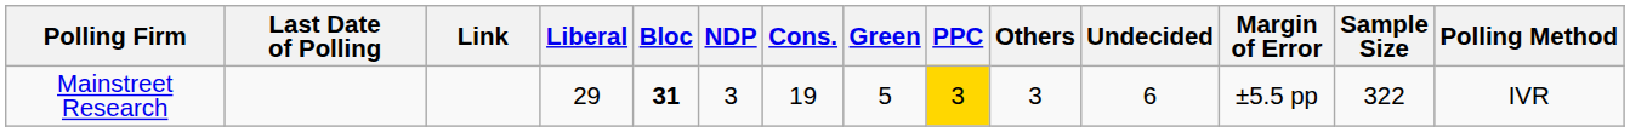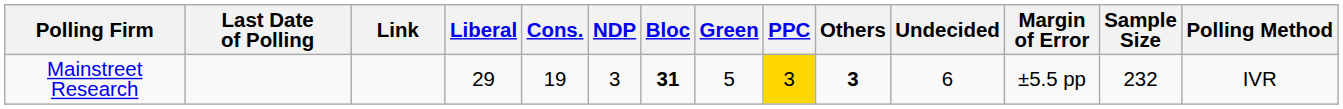 <table class="wikitable sortable" style="text-align:center;font-size:90%;line-height:14px;">
 <tr style="background:#e9e9e9;">
 <th style="width:120px">Polling Firm</th>
 <th style="width:110px">Last Date<br>of Polling</th>
 <th style="width:60px" class="unsortable">Link</th>
 <th style="background-color:"><a href='#'>Liberal</a></th>
+<th style="background-color:"><a href='#'>Cons.</a></th>
+<th style="background-color:"><a href='#'>NDP</a></th>
 <th style="background-color:"><a href='#'>Bloc</a></th>
-<th style="background-color:"><a href='#'>NDP</a></th>
-<th style="background-color:"><a href='#'>Cons.</a></th>
 <th style="background-color:"><a href='#'>Green</a></th>
 <th style="background-color:"><a href='#'><span>PPC</span></a></th>
 <th style="background-color:">Others</th>
 <th style="background-color:">Undecided</th>
 <th style="width:60px;" class=unsortable>Margin<br>of Error</th>
 <th style="width:50px;" class=unsortable>Sample<br>Size</th>
 <th class=unsortable>Polling Method</th>
 </tr>
 <tr>
 <td><a href='#'>Mainstreet Research</a></td>
 <td></td>
 <td></td>
 <td>29</td>
+<td>19</td>
+<td>3</td>
 <td style="background-color:"><strong>31</strong></td>
-<td>3</td>
-<td>19</td>
 <td>5</td>
 <td style="background: gold;">3</td>
-<td>3</td>
+<td><strong>3</strong></td>
 <td>6</td>
 <td>±5.5 pp</td>
-<td>322</td>
+<td>232</td>
 <td>IVR</td>
 </tr>
 </table>
